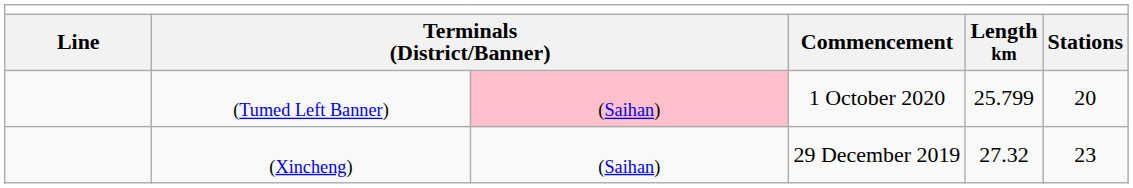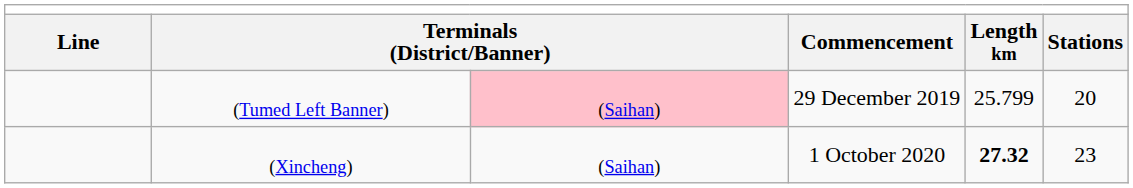 <table class="wikitable sortable" style="cell-padding:1.5; font-size:100%; text-align:center;">
 <tr>
 <td colspan="6" bgcolor="#fff"></td>
 </tr>
 <tr>
 <th data-sort-type="text"style="width:100px;">Line</th>
 <th class="unsortable" colspan="2" style="width:400px; line-height:1.05">Terminals<br>(District/Banner)</th>
 <th>Commencement</th>
 <th style="line-height:1.05">Length<br><small>km</small></th>
 <th style="line-height:1.05">Stations</th>
 </tr>
 <tr>
 <td style="text-align:center; line-height:1.05"></td>
 <td style="text-align:center; width:225px; line-height:1.05"><strong></strong><br><small>(<a href='#'>Tumed Left Banner</a>)</small></td>
 <td style="background: pink; text-align:center; width:225px; line-height:1.05"><strong></strong><br><small>(<a href='#'>Saihan</a>)</small></td>
-<td style="text-align:center; line-height:1.05">1 October 2020</td>
+<td style="text-align:center; line-height:1.05">29 December 2019</td>
 <td style="text-align:center; line-height:1.05">25.799</td>
 <td style="text-align:center; line-height:1.05">20</td>
 </tr>
 <tr>
 <td style="text-align:center; line-height:1.05"></td>
 <td style="text-align:center; width:225px; line-height:1.05"><strong></strong><br><small>(<a href='#'>Xincheng</a>)</small></td>
 <td style="text-align:center; width:225px; line-height:1.05"><strong></strong><br><small>(<a href='#'>Saihan</a>)</small></td>
-<td style="text-align:center; line-height:1.05">29 December 2019</td>
-<td style="text-align:center; line-height:1.05">27.32</td>
+<td style="text-align:center; line-height:1.05">1 October 2020</td>
+<td style="text-align:center; line-height:1.05"><strong>27.32</strong></td>
 <td style="text-align:center; line-height:1.05">23</td>
 </tr>
 </table>
